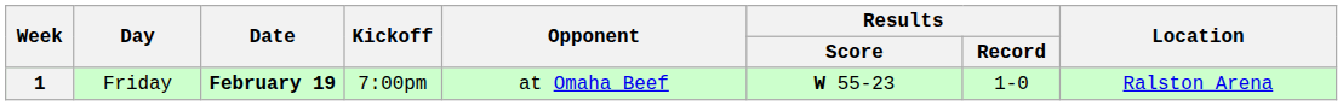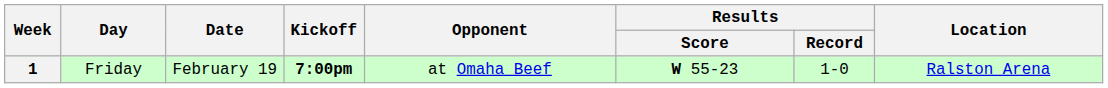 <table class="wikitable">
 <tr>
 <th rowspan="2" width="40">Week</th>
 <th rowspan="2" width="80">Day</th>
 <th rowspan="2" width="90">Date</th>
 <th rowspan="2" width="60">Kickoff</th>
 <th rowspan="2" width="200">Opponent</th>
 <th colspan="2" width="200">Results</th>
 <th rowspan="2" width="180">Location</th>
 </tr>
 <tr>
 <th width="140">Score</th>
 <th width="60">Record</th>
 </tr>
 <tr align="center" bgcolor="#CCFFCC">
 <th>1</th>
 <td>Friday</td>
-<td><strong>February 19</strong></td>
-<td>7:00pm</td>
+<td>February 19</td>
+<td><strong>7:00pm</strong></td>
 <td>at <a href='#'>Omaha Beef</a></td>
 <td><strong>W</strong> 55-23</td>
 <td>1-0</td>
 <td><a href='#'>Ralston Arena</a></td>
 </tr>
 </table>
